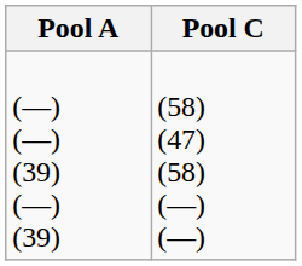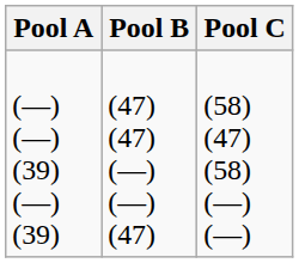 <table class="wikitable">
 <tr>
 <th width=33%>Pool A</th>
+<th width=33%>Pool B</th>
 <th width=33%>Pool C</th>
 </tr>
 <tr>
 <td valign=top><br> (—)<br>  (—)<br>  (39)<br>  (—)<br>  (39)</td>
+<td><br> (47)<br>  (47)<br>  (—)<br>  (—)<br>  (47)</td>
 <td><br> (58)<br>  (47)<br>  (58)<br>  (—)<br>  (—)</td>
 </tr>
 </table>
